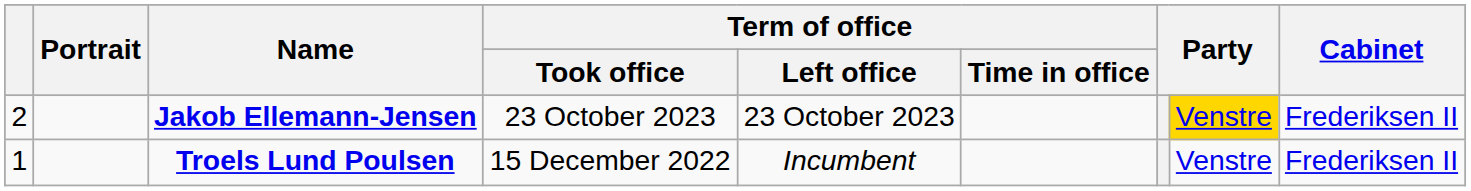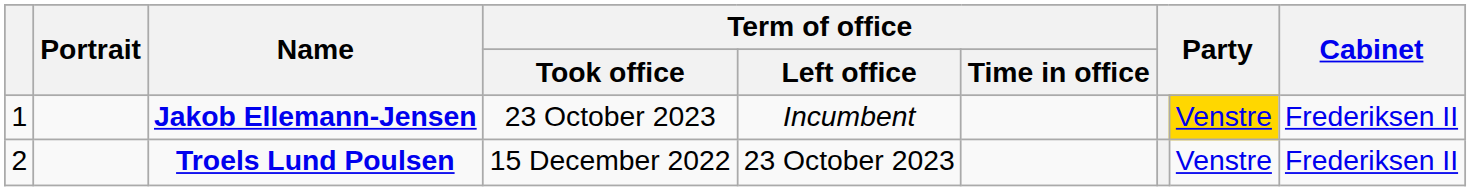 <table class="wikitable" style="text-align:center">
 <tr>
 <th rowspan=2></th>
 <th rowspan=2>Portrait</th>
 <th rowspan=2>Name<br></th>
 <th colspan=3>Term of office</th>
 <th colspan=2 rowspan=2>Party</th>
 <th rowspan=2><a href='#'>Cabinet</a></th>
 </tr>
 <tr>
 <th>Took office</th>
 <th>Left office</th>
 <th>Time in office</th>
 </tr>
 <tr>
-<td>2</td>
+<td>1</td>
 <td></td>
 <td><strong><a href='#'>Jakob Ellemann-Jensen</a></strong><br></td>
 <td>23 October 2023</td>
-<td>23 October 2023</td>
+<td><em>Incumbent</em></td>
 <td></td>
 <th style="background-color: "></th>
 <td style="background: gold;"><a href='#'>Venstre</a></td>
 <td><a href='#'>Frederiksen II</a></td>
 </tr>
 <tr>
-<td>1</td>
+<td>2</td>
 <td></td>
 <td><strong><a href='#'>Troels Lund Poulsen</a></strong><br></td>
 <td>15 December 2022</td>
-<td><em>Incumbent</em></td>
+<td>23 October 2023</td>
 <td></td>
 <th style="background-color: "></th>
 <td><a href='#'>Venstre</a></td>
 <td><a href='#'>Frederiksen II</a></td>
 </tr>
 </table>
